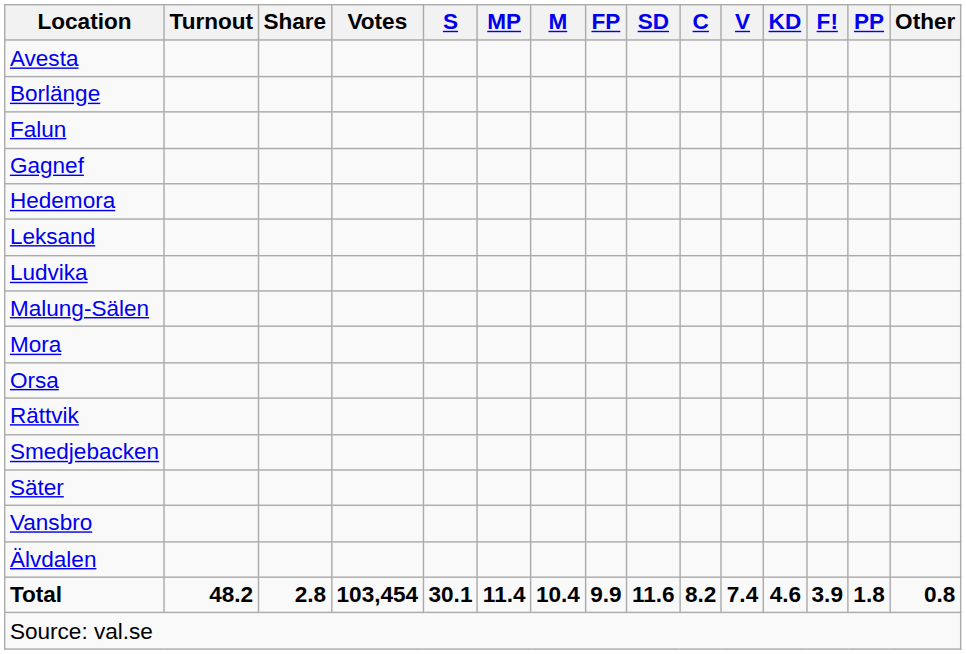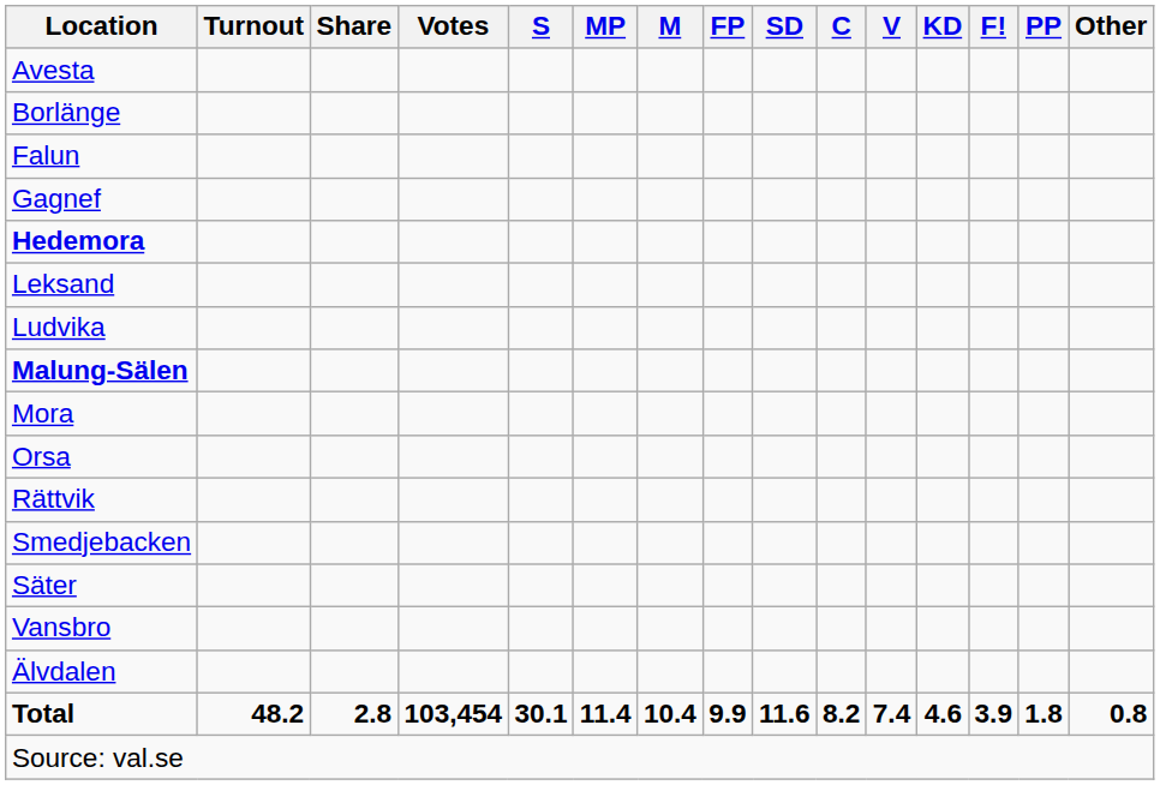 <table class="wikitable sortable" style=text-align:right>
 <tr>
 <th>Location</th>
 <th>Turnout</th>
 <th>Share</th>
 <th>Votes</th>
 <th><a href='#'>S</a></th>
 <th><a href='#'>MP</a></th>
 <th><a href='#'>M</a></th>
 <th><a href='#'>FP</a></th>
 <th><a href='#'>SD</a></th>
 <th><a href='#'>C</a></th>
 <th><a href='#'>V</a></th>
 <th><a href='#'>KD</a></th>
 <th><a href='#'>F!</a></th>
 <th><a href='#'>PP</a></th>
 <th>Other</th>
 </tr>
 <tr>
 <td align=left><a href='#'>Avesta</a></td>
 <td></td>
 <td></td>
 <td></td>
 <td></td>
 <td></td>
 <td></td>
 <td></td>
 <td></td>
 <td></td>
 <td></td>
 <td></td>
 <td></td>
 <td></td>
 <td></td>
 </tr>
 <tr>
 <td align=left><a href='#'>Borlänge</a></td>
 <td></td>
 <td></td>
 <td></td>
 <td></td>
 <td></td>
 <td></td>
 <td></td>
 <td></td>
 <td></td>
 <td></td>
 <td></td>
 <td></td>
 <td></td>
 <td></td>
 </tr>
 <tr>
 <td align=left><a href='#'>Falun</a></td>
 <td></td>
 <td></td>
 <td></td>
 <td></td>
 <td></td>
 <td></td>
 <td></td>
 <td></td>
 <td></td>
 <td></td>
 <td></td>
 <td></td>
 <td></td>
 <td></td>
 </tr>
 <tr>
 <td align=left><a href='#'>Gagnef</a></td>
 <td></td>
 <td></td>
 <td></td>
 <td></td>
 <td></td>
 <td></td>
 <td></td>
 <td></td>
 <td></td>
 <td></td>
 <td></td>
 <td></td>
 <td></td>
 <td></td>
 </tr>
 <tr>
-<td align=left><a href='#'>Hedemora</a></td>
+<td align=left><strong><a href='#'>Hedemora</a></strong></td>
 <td></td>
 <td></td>
 <td></td>
 <td></td>
 <td></td>
 <td></td>
 <td></td>
 <td></td>
 <td></td>
 <td></td>
 <td></td>
 <td></td>
 <td></td>
 <td></td>
 </tr>
 <tr>
 <td align=left><a href='#'>Leksand</a></td>
 <td></td>
 <td></td>
 <td></td>
 <td></td>
 <td></td>
 <td></td>
 <td></td>
 <td></td>
 <td></td>
 <td></td>
 <td></td>
 <td></td>
 <td></td>
 <td></td>
 </tr>
 <tr>
 <td align=left><a href='#'>Ludvika</a></td>
 <td></td>
 <td></td>
 <td></td>
 <td></td>
 <td></td>
 <td></td>
 <td></td>
 <td></td>
 <td></td>
 <td></td>
 <td></td>
 <td></td>
 <td></td>
 <td></td>
 </tr>
 <tr>
-<td align=left><a href='#'>Malung-Sälen</a></td>
+<td align=left><strong><a href='#'>Malung-Sälen</a></strong></td>
 <td></td>
 <td></td>
 <td></td>
 <td></td>
 <td></td>
 <td></td>
 <td></td>
 <td></td>
 <td></td>
 <td></td>
 <td></td>
 <td></td>
 <td></td>
 <td></td>
 </tr>
 <tr>
 <td align=left><a href='#'>Mora</a></td>
 <td></td>
 <td></td>
 <td></td>
 <td></td>
 <td></td>
 <td></td>
 <td></td>
 <td></td>
 <td></td>
 <td></td>
 <td></td>
 <td></td>
 <td></td>
 <td></td>
 </tr>
 <tr>
 <td align=left><a href='#'>Orsa</a></td>
 <td></td>
 <td></td>
 <td></td>
 <td></td>
 <td></td>
 <td></td>
 <td></td>
 <td></td>
 <td></td>
 <td></td>
 <td></td>
 <td></td>
 <td></td>
 <td></td>
 </tr>
 <tr>
 <td align=left><a href='#'>Rättvik</a></td>
 <td></td>
 <td></td>
 <td></td>
 <td></td>
 <td></td>
 <td></td>
 <td></td>
 <td></td>
 <td></td>
 <td></td>
 <td></td>
 <td></td>
 <td></td>
 <td></td>
 </tr>
 <tr>
 <td align=left><a href='#'>Smedjebacken</a></td>
 <td></td>
 <td></td>
 <td></td>
 <td></td>
 <td></td>
 <td></td>
 <td></td>
 <td></td>
 <td></td>
 <td></td>
 <td></td>
 <td></td>
 <td></td>
 <td></td>
 </tr>
 <tr>
 <td align=left><a href='#'>Säter</a></td>
 <td></td>
 <td></td>
 <td></td>
 <td></td>
 <td></td>
 <td></td>
 <td></td>
 <td></td>
 <td></td>
 <td></td>
 <td></td>
 <td></td>
 <td></td>
 <td></td>
 </tr>
 <tr>
 <td align=left><a href='#'>Vansbro</a></td>
 <td></td>
 <td></td>
 <td></td>
 <td></td>
 <td></td>
 <td></td>
 <td></td>
 <td></td>
 <td></td>
 <td></td>
 <td></td>
 <td></td>
 <td></td>
 <td></td>
 </tr>
 <tr>
 <td align=left><a href='#'>Älvdalen</a></td>
 <td></td>
 <td></td>
 <td></td>
 <td></td>
 <td></td>
 <td></td>
 <td></td>
 <td></td>
 <td></td>
 <td></td>
 <td></td>
 <td></td>
 <td></td>
 <td></td>
 </tr>
 <tr>
 <td align=left><strong>Total</strong></td>
 <td><strong>48.2</strong></td>
 <td><strong>2.8</strong></td>
 <td><strong>103,454</strong></td>
 <td><strong>30.1</strong></td>
 <td><strong>11.4</strong></td>
 <td><strong>10.4</strong></td>
 <td><strong>9.9</strong></td>
 <td><strong>11.6</strong></td>
 <td><strong>8.2</strong></td>
 <td><strong>7.4</strong></td>
 <td><strong>4.6</strong></td>
 <td><strong>3.9</strong></td>
 <td><strong>1.8</strong></td>
 <td><strong>0.8</strong></td>
 </tr>
 <tr>
 <td align=left colspan=15>Source: val.se </td>
 </tr>
 </table>
